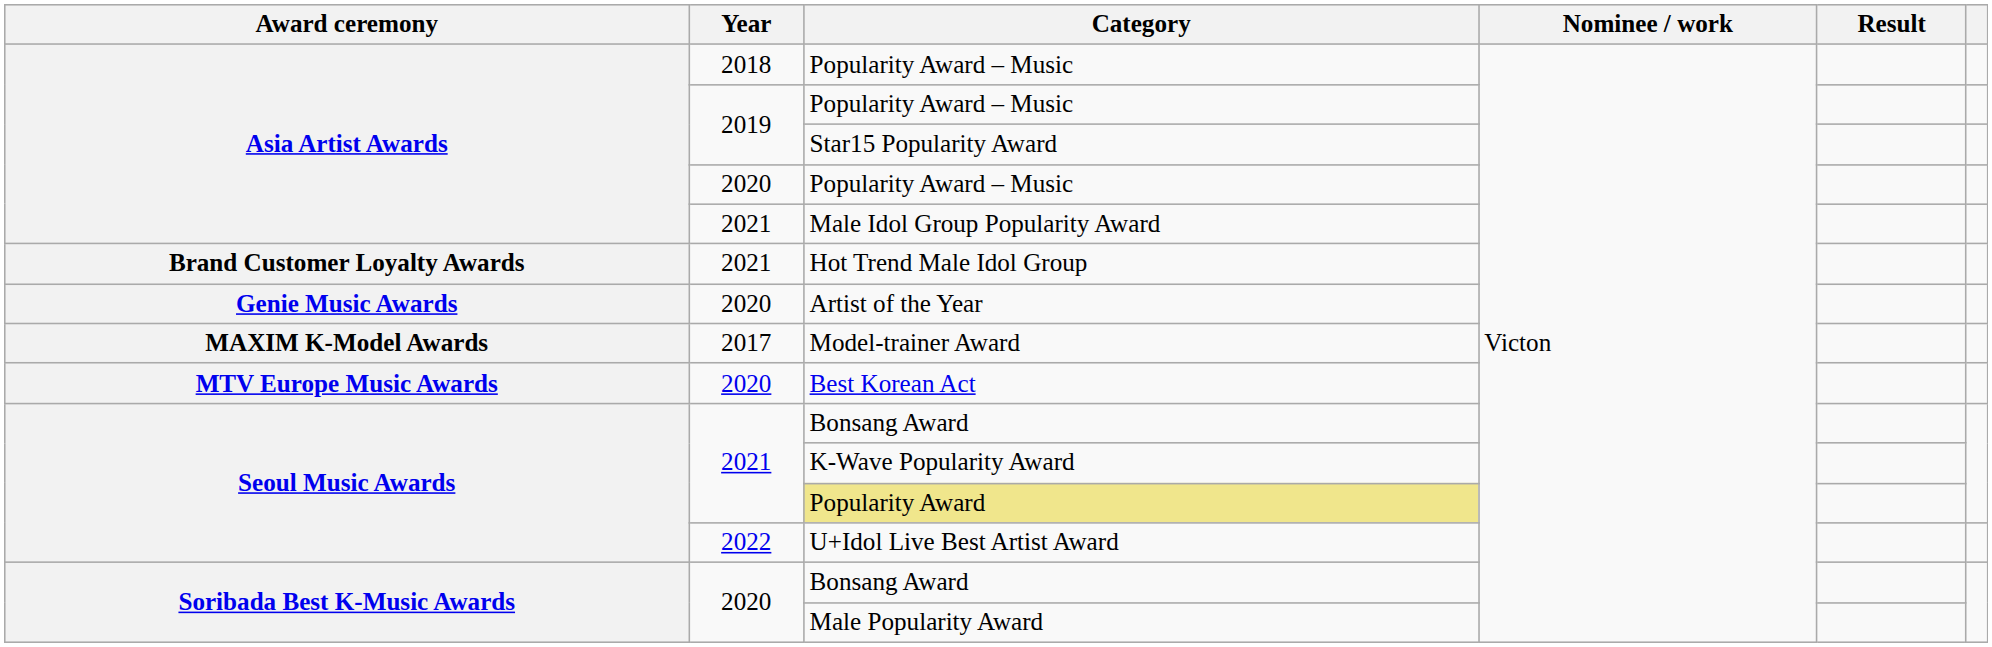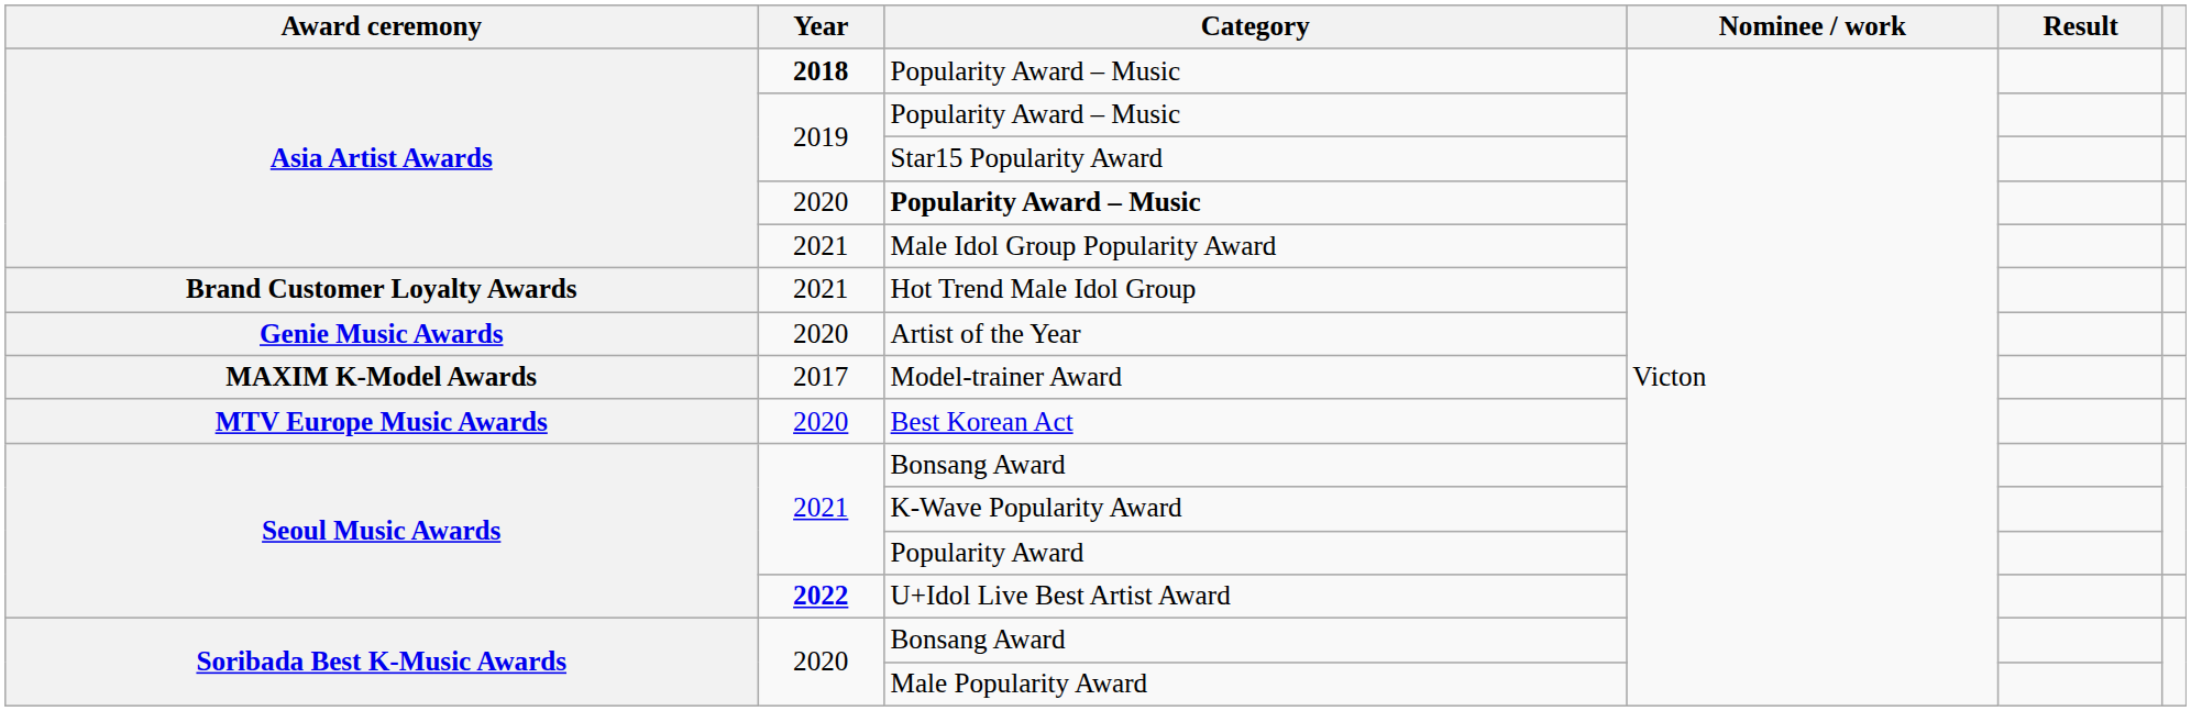 <table class="wikitable sortable plainrowheaders" style="width:100%;">
 <tr>
 <th scope="col">Award ceremony</th>
 <th scope="col">Year</th>
 <th scope="col">Category</th>
 <th scope="col">Nominee / work</th>
 <th scope="col">Result</th>
 <th scope="col" class="unsortable"></th>
 </tr>
 <tr>
 <th scope="row" rowspan="5"><a href='#'>Asia Artist Awards</a> </th>
-<td style="text-align:center">2018</td>
+<td style="text-align:center"><strong>2018</strong></td>
 <td>Popularity Award – Music</td>
 <td rowspan="15">Victon</td>
 <td></td>
 <td style="text-align:center"></td>
 </tr>
 <tr>
 <td rowspan="2" style="text-align:center">2019</td>
 <td>Popularity Award – Music</td>
 <td></td>
 <td style="text-align:center"></td>
 </tr>
 <tr>
 <td>Star15 Popularity Award</td>
 <td></td>
 <td style="text-align:center"></td>
 </tr>
 <tr>
 <td style="text-align:center">2020</td>
-<td>Popularity Award – Music</td>
+<td><strong>Popularity Award – Music</strong></td>
 <td></td>
 <td style="text-align:center"></td>
 </tr>
 <tr>
 <td style="text-align:center">2021</td>
 <td>Male Idol Group Popularity Award</td>
 <td></td>
 <td style="text-align:center"></td>
 </tr>
 <tr>
 <th scope="row">Brand Customer Loyalty Awards </th>
 <td style="text-align:center">2021</td>
 <td>Hot Trend Male Idol Group</td>
 <td></td>
 <td style="text-align:center"></td>
 </tr>
 <tr>
 <th scope="row"><a href='#'>Genie Music Awards</a> </th>
 <td style="text-align:center">2020</td>
 <td>Artist of the Year</td>
 <td></td>
 <td style="text-align:center"></td>
 </tr>
 <tr>
 <th scope="row">MAXIM K-Model Awards </th>
 <td style="text-align:center">2017</td>
 <td>Model-trainer Award</td>
 <td></td>
 <td style="text-align:center"></td>
 </tr>
 <tr>
 <th scope="row"><a href='#'>MTV Europe Music Awards</a> </th>
 <td style="text-align:center"><a href='#'>2020</a></td>
 <td><a href='#'>Best Korean Act</a></td>
 <td></td>
 <td style="text-align:center"></td>
 </tr>
 <tr>
 <th scope="row" rowspan="4"><a href='#'>Seoul Music Awards</a> </th>
 <td rowspan="3" style="text-align:center"><a href='#'>2021</a></td>
 <td>Bonsang Award</td>
 <td></td>
 <td rowspan="3" style="text-align:center"></td>
 </tr>
 <tr>
 <td>K-Wave Popularity Award</td>
 <td></td>
 </tr>
 <tr>
-<td style="background: khaki;">Popularity Award</td>
+<td>Popularity Award</td>
 <td></td>
 </tr>
 <tr>
-<td style="text-align:center"><a href='#'>2022</a></td>
+<td style="text-align:center"><strong><a href='#'>2022</a></strong></td>
 <td>U+Idol Live Best Artist Award</td>
 <td></td>
 <td style="text-align:center"></td>
 </tr>
 <tr>
 <th scope="row" rowspan="2"><a href='#'>Soribada Best K-Music Awards</a></th>
 <td rowspan="2" style="text-align:center">2020</td>
 <td>Bonsang Award</td>
 <td></td>
 <td rowspan="2" style="text-align:center"></td>
 </tr>
 <tr>
 <td>Male Popularity Award</td>
 <td></td>
 </tr>
 </table>
